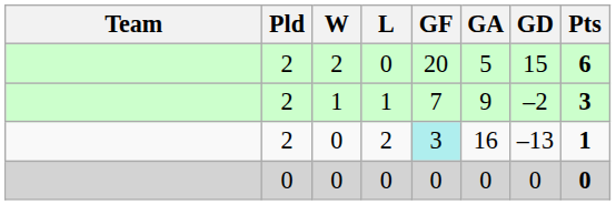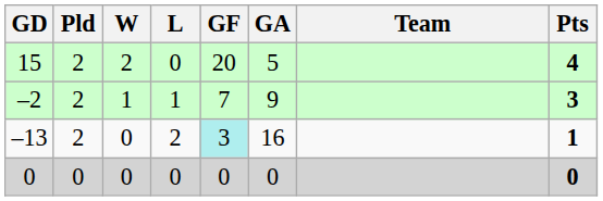 <table class="wikitable" style="text-align:center;">
 <tr>
-<th width=160>Team</th>
+<th width=25>GD</th>
 <th width=25>Pld</th>
 <th width=25>W</th>
 <th width=25>L</th>
 <th width=25>GF</th>
 <th width=25>GA</th>
-<th width=25>GD</th>
+<th width=160>Team</th>
 <th width=25>Pts</th>
 </tr>
 <tr bgcolor=#ccffcc>
-<td align=left></td>
+<td>15</td>
 <td>2</td>
 <td>2</td>
 <td>0</td>
 <td>20</td>
 <td>5</td>
-<td>15</td>
-<td><strong>6</strong></td>
+<td align=left></td>
+<td><strong>4</strong></td>
 </tr>
 <tr bgcolor=#ccffcc>
-<td align=left></td>
+<td>–2</td>
 <td>2</td>
 <td>1</td>
 <td>1</td>
 <td>7</td>
 <td>9</td>
-<td>–2</td>
+<td align=left></td>
 <td><strong>3</strong></td>
 </tr>
 <tr>
-<td align=left></td>
+<td>–13</td>
 <td>2</td>
 <td>0</td>
 <td>2</td>
 <td style="background: paleturquoise;">3</td>
 <td>16</td>
-<td>–13</td>
+<td align=left></td>
 <td><strong>1</strong></td>
 </tr>
 <tr bgcolor=lightgrey>
-<td align=left></td>
+<td>0</td>
 <td>0</td>
 <td>0</td>
 <td>0</td>
 <td>0</td>
 <td 0>0</td>
-<td>0</td>
+<td align=left></td>
 <td><strong>0</strong></td>
 </tr>
 </table>
